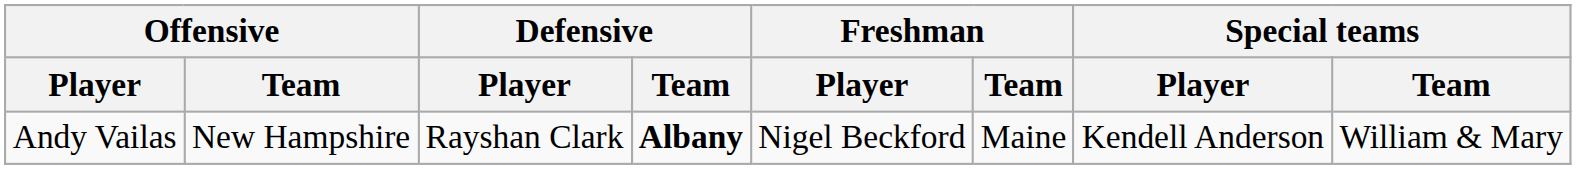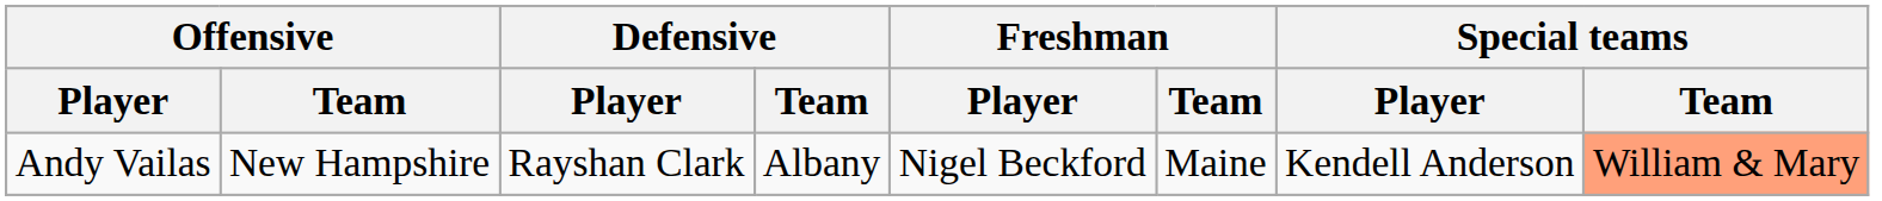 <table class="wikitable" border="1">
 <tr>
 <th colspan="2">Offensive</th>
 <th colspan="2">Defensive</th>
 <th colspan="2">Freshman</th>
 <th colspan="2">Special teams</th>
 </tr>
 <tr>
 <th>Player</th>
 <th>Team</th>
 <th>Player</th>
 <th>Team</th>
 <th>Player</th>
 <th>Team</th>
 <th>Player</th>
 <th>Team</th>
 </tr>
 <tr>
 <td>Andy Vailas</td>
 <td>New Hampshire</td>
 <td>Rayshan Clark</td>
-<td><strong>Albany</strong></td>
+<td>Albany</td>
 <td>Nigel Beckford</td>
 <td>Maine</td>
 <td>Kendell Anderson</td>
-<td>William & Mary</td>
+<td style="background: lightsalmon;">William & Mary</td>
 </tr>
 </table>
